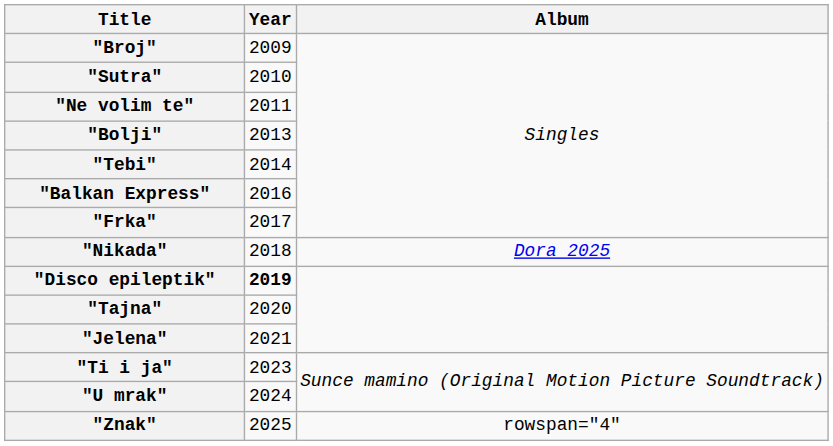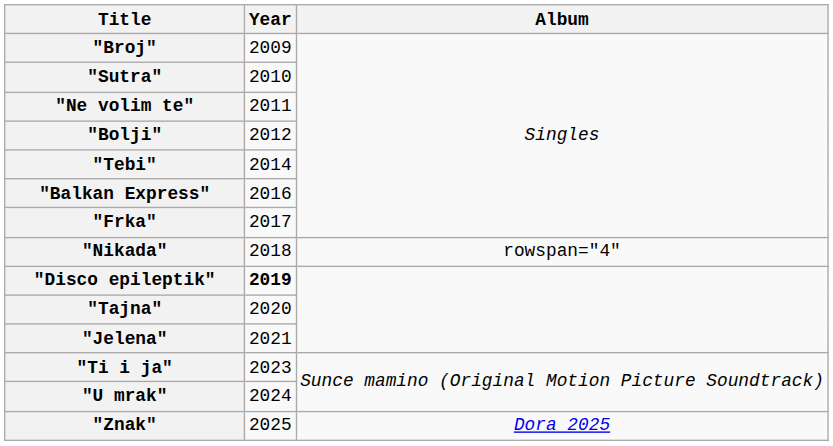 <table class="wikitable plainrowheaders" style="text-align:center;">
 <tr>
 <th scope="col" style="width:13em;">Title</th>
 <th scope="col">Year</th>
 <th scope="col">Album</th>
 </tr>
 <tr>
 <th scope="row">"Broj"</th>
 <td>2009</td>
 <td rowspan="7"><em>Singles</em></td>
 </tr>
 <tr>
 <th scope="row">"Sutra"</th>
 <td>2010</td>
 </tr>
 <tr>
 <th scope="row">"Ne volim te"</th>
 <td>2011</td>
 </tr>
 <tr>
 <th scope="row">"Bolji"</th>
-<td>2013</td>
+<td>2012</td>
 </tr>
 <tr>
 <th scope="row">"Tebi"</th>
 <td>2014</td>
 </tr>
 <tr>
 <th scope="row">"Balkan Express"</th>
 <td>2016</td>
 </tr>
 <tr>
 <th scope="row">"Frka"<br></th>
 <td>2017</td>
 </tr>
 <tr>
 <th scope="row">"Nikada"</th>
 <td>2018</td>
-<td><em><a href='#'>Dora 2025</a></em></td>
+<td>rowspan="4" </td>
 </tr>
 <tr>
 <th scope="row">"Disco epileptik"</th>
 <td><strong>2019</strong></td>
 </tr>
 <tr>
 <th scope="row">"Tajna"</th>
 <td>2020</td>
 </tr>
 <tr>
 <th scope="row">"Jelena"</th>
 <td>2021</td>
 </tr>
 <tr>
 <th scope="row">"Ti i ja"<br></th>
 <td>2023</td>
 <td rowspan="2"><em>Sunce mamino (Original Motion Picture Soundtrack)</em></td>
 </tr>
 <tr>
 <th scope="row">"U mrak"<br></th>
 <td>2024</td>
 </tr>
 <tr>
 <th scope="row">"Znak"</th>
 <td>2025</td>
-<td>rowspan="4" </td>
+<td><em><a href='#'>Dora 2025</a></em></td>
 </tr>
 </table>
